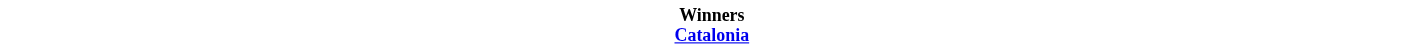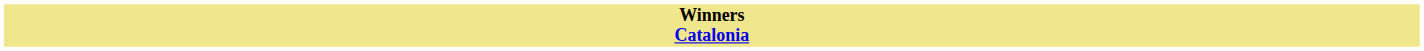 <table cellspacing=0 width=100%>
 <tr>
 <td align=center></td>
 </tr>
 <tr>
-<td align=center><strong>Winners<br><a href='#'>Catalonia</a></strong></td>
+<td align=center style="background: khaki;"><strong>Winners<br><a href='#'>Catalonia</a></strong></td>
 </tr>
 </table>
